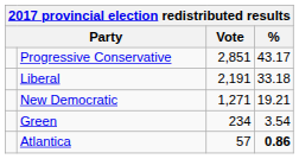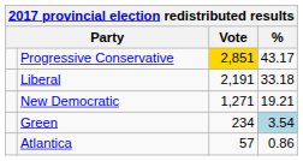 <table class="wikitable">
 <tr>
 <th colspan="4"><a href='#'>2017 provincial election</a> redistributed results</th>
 </tr>
 <tr>
 <th bgcolor="#DDDDFF" width="130px" colspan="2">Party</th>
 <th bgcolor="#DDDDFF" width="50px">Vote</th>
 <th bgcolor="#DDDDFF" width="30px">%</th>
 </tr>
 <tr>
 <td> </td>
 <td><a href='#'>Progressive Conservative</a></td>
-<td align=right>2,851</td>
+<td align=right style="background: gold;">2,851</td>
 <td align=right>43.17</td>
 </tr>
 <tr>
 <td> </td>
 <td><a href='#'>Liberal</a></td>
 <td align=right>2,191</td>
 <td align=right>33.18</td>
 </tr>
 <tr>
 <td> </td>
 <td><a href='#'>New Democratic</a></td>
 <td align=right>1,271</td>
 <td align=right>19.21</td>
 </tr>
 <tr>
 <td> </td>
 <td><a href='#'>Green</a></td>
 <td align=right>234</td>
-<td align=right>3.54</td>
+<td align=right style="background: lightblue;">3.54</td>
 </tr>
 <tr>
 <td> </td>
 <td><a href='#'>Atlantica</a></td>
 <td align=right>57</td>
-<td align=right><strong>0.86</strong></td>
+<td align=right>0.86</td>
 </tr>
 </table>
